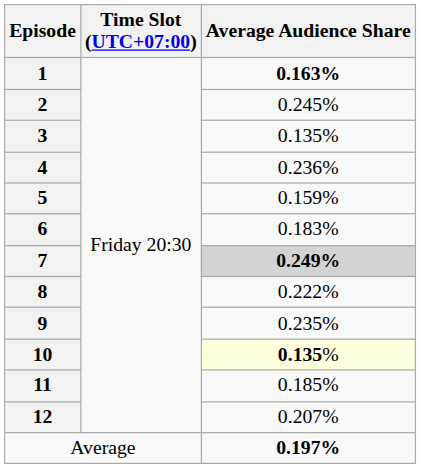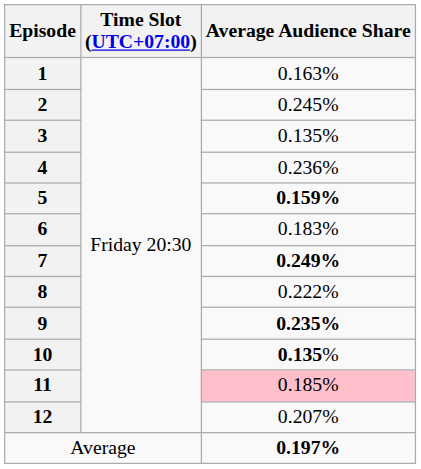 <table class="wikitable">
 <tr>
 <th>Episode</th>
 <th>Time Slot<br>(<a href='#'>UTC+07:00</a>)</th>
 <th>Average Audience Share</th>
 </tr>
 <tr>
 <th style="text-align: center;">1</th>
 <td rowspan="12" style="text-align: center;">Friday 20:30</td>
-<td style="text-align: center;"><strong>0.163%</strong></td>
+<td style="text-align: center;">0.163%</td>
 </tr>
 <tr>
 <th style="text-align: center;">2</th>
 <td style="text-align: center;">0.245%</td>
 </tr>
 <tr>
 <th style="text-align: center;">3</th>
 <td style="text-align: center;">0.135%</td>
 </tr>
 <tr>
 <th style="text-align: center;">4</th>
 <td style="text-align: center;">0.236%</td>
 </tr>
 <tr>
 <th style="text-align: center;">5</th>
-<td style="text-align: center;">0.159%</td>
+<td style="text-align: center;"><strong>0.159%</strong></td>
 </tr>
 <tr>
 <th style="text-align: center;">6</th>
 <td style="text-align: center;">0.183%</td>
 </tr>
 <tr>
 <th style="text-align: center;">7</th>
-<td style="background: lightgrey; text-align: center;"><span><strong>0.249%</strong></span></td>
+<td style="text-align: center;"><span><strong>0.249%</strong></span></td>
 </tr>
 <tr>
 <th style="text-align: center;">8</th>
 <td style="text-align: center;">0.222%</td>
 </tr>
 <tr>
 <th style="text-align: center;">9</th>
-<td style="text-align: center;">0.235%</td>
+<td style="text-align: center;"><strong>0.235%</strong></td>
 </tr>
 <tr>
 <th style="text-align: center;">10</th>
-<td style="background: lightyellow; text-align: center;"><span><strong>0.135</strong>%</span></td>
+<td style="text-align: center;"><span><strong>0.135</strong>%</span></td>
 </tr>
 <tr>
 <th style="text-align: center;">11</th>
-<td style="text-align: center;">0.185%</td>
+<td style="background: pink; text-align: center;">0.185%</td>
 </tr>
 <tr>
 <th style="text-align: center;">12</th>
 <td style="text-align: center;">0.207%</td>
 </tr>
 <tr>
 <td colspan="2" style="text-align: center;">Average</td>
 <td style="text-align: center;"><strong>0.197%</strong></td>
 </tr>
 </table>
